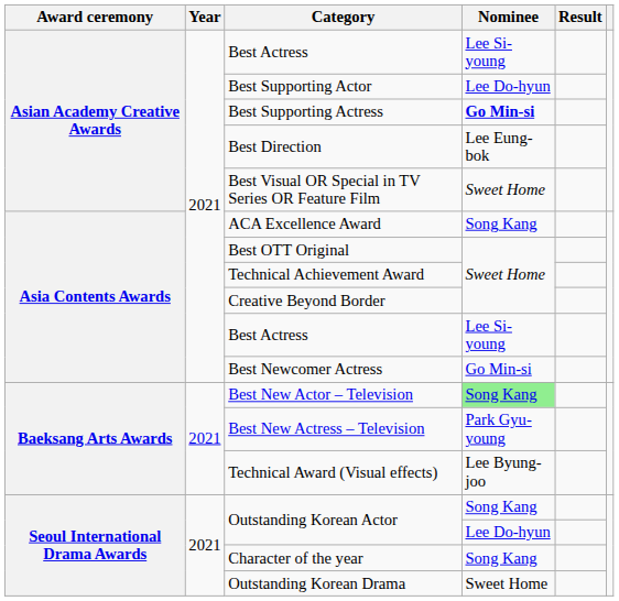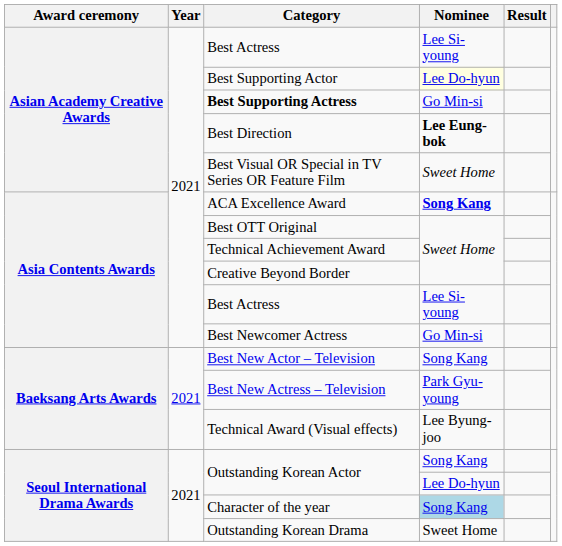 <table class="wikitable plainrowheaders sortable">
 <tr>
 <th scope="col">Award ceremony</th>
 <th scope="col">Year</th>
 <th scope="col">Category</th>
 <th scope="col">Nominee</th>
 <th scope="col">Result</th>
 <th scope="col" class="unsortable"></th>
 </tr>
 <tr>
 <th scope="row"  rowspan="5"><a href='#'>Asian Academy Creative Awards</a></th>
 <td rowspan="11" style="text-align:center">2021</td>
 <td>Best Actress</td>
 <td><a href='#'>Lee Si-young</a></td>
 <td></td>
 <td rowspan="5" style="text-align:center"></td>
 </tr>
 <tr>
 <td>Best Supporting Actor</td>
-<td><a href='#'>Lee Do-hyun</a></td>
+<td style="background: lightyellow;"><a href='#'>Lee Do-hyun</a></td>
 <td></td>
 </tr>
 <tr>
-<td>Best Supporting Actress</td>
-<td><strong><a href='#'>Go Min-si</a></strong></td>
+<td><strong>Best Supporting Actress</strong></td>
+<td><a href='#'>Go Min-si</a></td>
 <td></td>
 </tr>
 <tr>
 <td>Best Direction</td>
-<td>Lee Eung-bok</td>
+<td><strong>Lee Eung-bok</strong></td>
 <td></td>
 </tr>
 <tr>
 <td>Best Visual OR Special in TV Series OR Feature Film</td>
 <td><em>Sweet Home</em></td>
 <td></td>
 </tr>
 <tr>
 <th scope="row" rowspan="6"><a href='#'>Asia Contents Awards</a></th>
 <td>ACA Excellence Award</td>
-<td><a href='#'>Song Kang</a></td>
+<td><strong><a href='#'>Song Kang</a></strong></td>
 <td></td>
 <td rowspan="6" style="text-align:center"></td>
 </tr>
 <tr>
 <td>Best OTT Original</td>
 <td rowspan="3"><em>Sweet Home</em></td>
 <td></td>
 </tr>
 <tr>
 <td>Technical Achievement Award</td>
 <td></td>
 </tr>
 <tr>
 <td>Creative Beyond Border</td>
 <td></td>
 </tr>
 <tr>
 <td>Best Actress</td>
 <td><a href='#'>Lee Si-young</a></td>
 <td></td>
 </tr>
 <tr>
 <td>Best Newcomer Actress</td>
 <td><a href='#'>Go Min-si</a></td>
 <td></td>
 </tr>
 <tr>
 <th scope="row"  rowspan="3"><a href='#'>Baeksang Arts Awards</a></th>
 <td rowspan="3" style="text-align:center"><a href='#'>2021</a></td>
 <td><a href='#'>Best New Actor – Television</a></td>
-<td style="background: lightgreen;"><a href='#'>Song Kang</a></td>
+<td><a href='#'>Song Kang</a></td>
 <td></td>
 <td rowspan="3" style="text-align:center"></td>
 </tr>
 <tr>
 <td><a href='#'>Best New Actress – Television</a></td>
 <td><a href='#'>Park Gyu-young</a></td>
 <td></td>
 </tr>
 <tr>
 <td>Technical Award (Visual effects)</td>
 <td>Lee Byung-joo</td>
 <td></td>
 </tr>
 <tr>
 <th scope="row" rowspan="4"><a href='#'>Seoul International Drama Awards</a></th>
 <td rowspan="4" style="text-align:center">2021</td>
 <td rowspan="2">Outstanding Korean Actor</td>
 <td><a href='#'>Song Kang</a></td>
 <td></td>
 <td rowspan="4" style="text-align:center"></td>
 </tr>
 <tr>
 <td><a href='#'>Lee Do-hyun</a></td>
 <td></td>
 </tr>
 <tr>
 <td>Character of the year</td>
-<td><a href='#'>Song Kang</a></td>
+<td style="background: lightblue;"><a href='#'>Song Kang</a></td>
 <td></td>
 </tr>
 <tr>
 <td>Outstanding Korean Drama</td>
 <td>Sweet Home</td>
 <td></td>
 </tr>
 </table>
